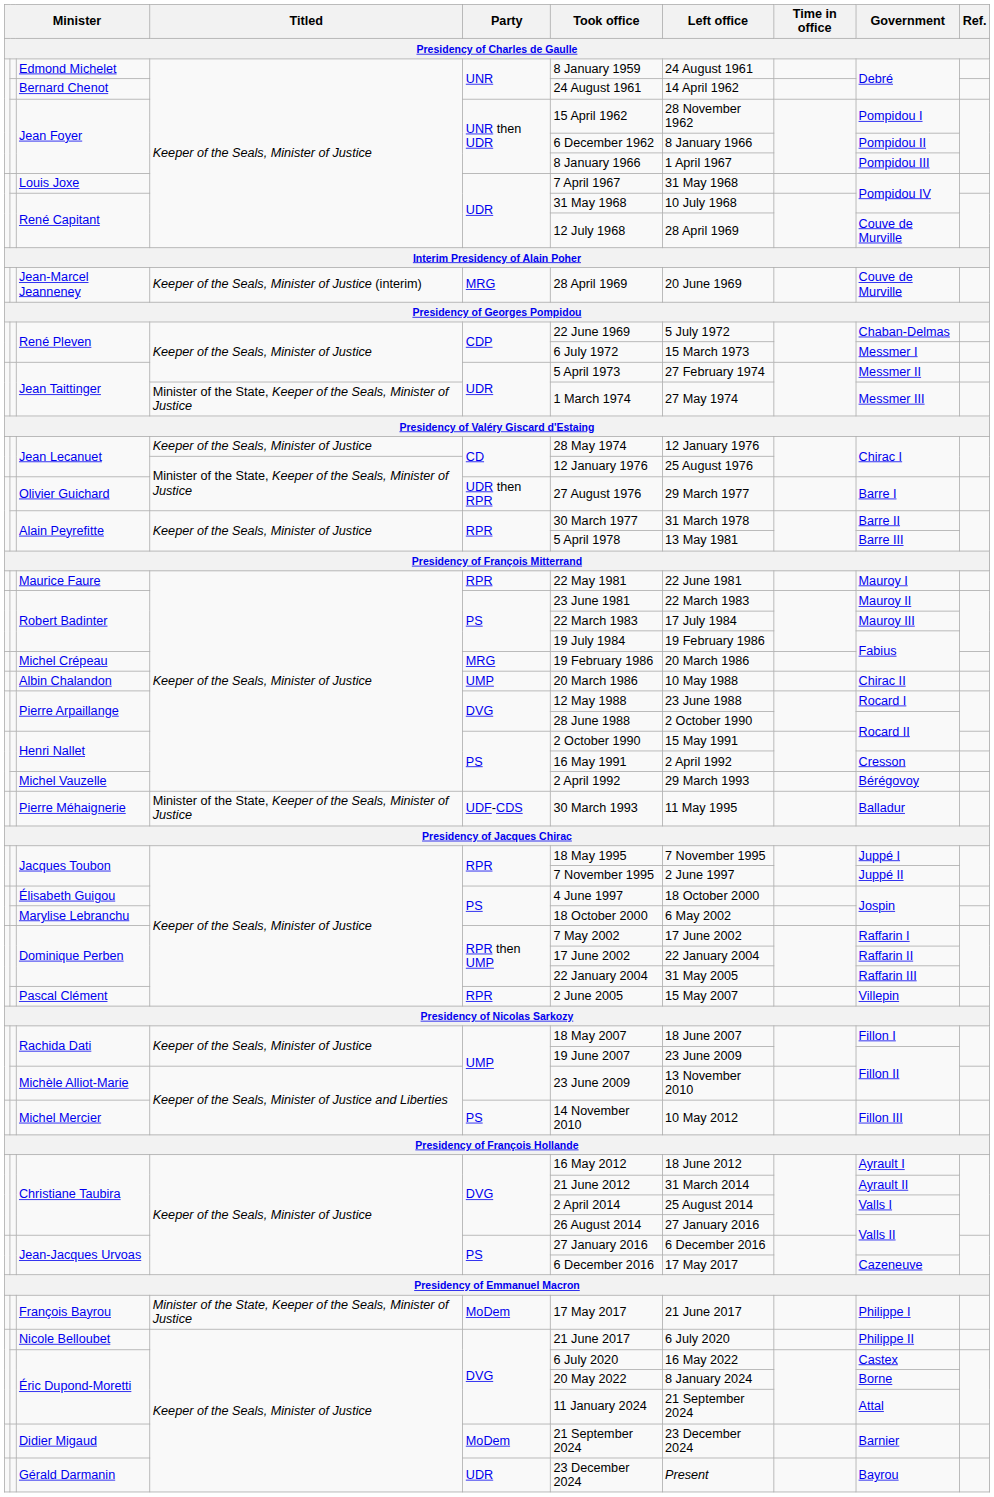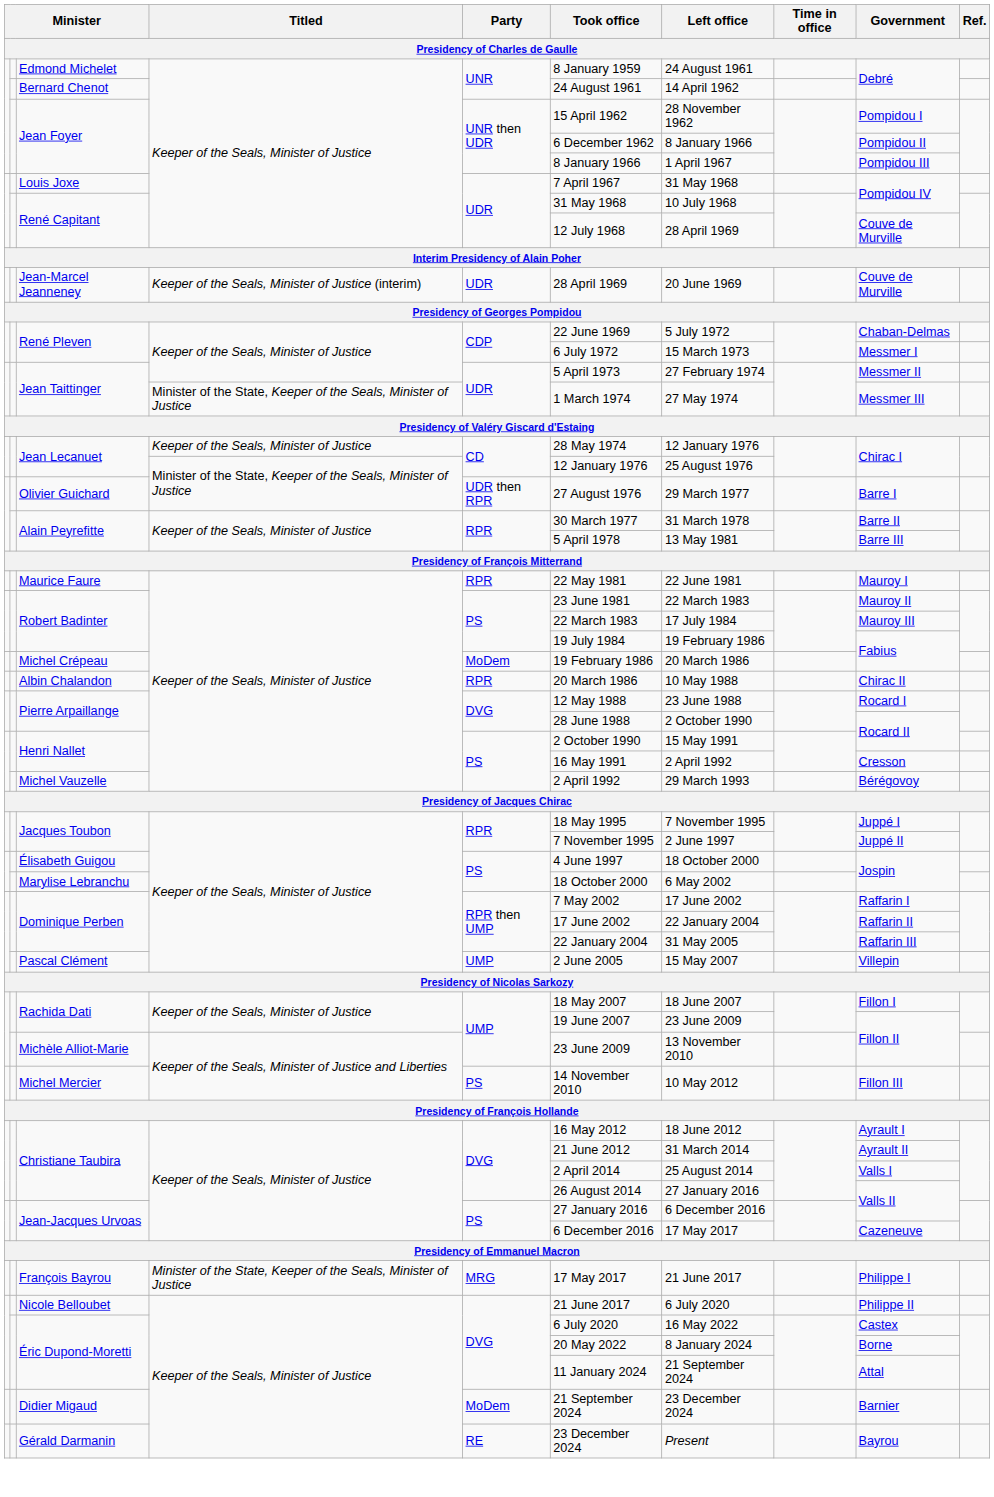 <table class="wikitable">
 <tr>
 <th colspan="3">Minister</th>
 <th>Titled</th>
 <th>Party</th>
 <th>Took office</th>
 <th>Left office</th>
 <th>Time in office</th>
 <th>Government</th>
 <th>Ref.</th>
 </tr>
 <tr>
 <th colspan="10"><a href='#'><small>Presidency of Charles de Gaulle</small></a></th>
 </tr>
 <tr>
 <td rowspan="5" style="background:"></td>
 <td></td>
 <td><a href='#'>Edmond Michelet</a></td>
 <td rowspan="8"><em>Keeper of the Seals, Minister of Justice</em></td>
 <td rowspan="2"><a href='#'>UNR</a></td>
 <td>8 January 1959</td>
 <td>24 August 1961</td>
 <td></td>
 <td rowspan="2"><a href='#'>Debré</a></td>
 <td></td>
 </tr>
 <tr>
 <td></td>
 <td><a href='#'>Bernard Chenot</a></td>
 <td>24 August 1961</td>
 <td>14 April 1962</td>
 <td></td>
 <td></td>
 </tr>
 <tr>
 <td rowspan="3"></td>
 <td rowspan="3"><a href='#'>Jean Foyer</a></td>
 <td rowspan="3"><a href='#'>UNR</a> then <a href='#'>UDR</a></td>
 <td>15 April 1962</td>
 <td>28 November 1962</td>
 <td rowspan="3"></td>
 <td><a href='#'>Pompidou I</a></td>
 <td rowspan="3"></td>
 </tr>
 <tr>
 <td>6 December 1962</td>
 <td>8 January 1966</td>
 <td><a href='#'>Pompidou II</a></td>
 </tr>
 <tr>
 <td>8 January 1966</td>
 <td>1 April 1967</td>
 <td><a href='#'>Pompidou III</a></td>
 </tr>
 <tr>
 <td rowspan="3" style="background:"></td>
 <td></td>
 <td><a href='#'>Louis Joxe</a></td>
 <td rowspan="3"><a href='#'>UDR</a></td>
 <td>7 April 1967</td>
 <td>31 May 1968</td>
 <td></td>
 <td rowspan="2"><a href='#'>Pompidou IV</a></td>
 <td></td>
 </tr>
 <tr>
 <td rowspan="2"></td>
 <td rowspan="2"><a href='#'>René Capitant</a></td>
 <td>31 May 1968</td>
 <td>10 July 1968</td>
 <td rowspan="2"></td>
 <td rowspan="2"></td>
 </tr>
 <tr>
 <td>12 July 1968</td>
 <td>28 April 1969</td>
 <td><a href='#'>Couve de Murville</a></td>
 </tr>
 <tr>
 <th colspan="10"><a href='#'><small>Interim Presidency of Alain Poher</small></a></th>
 </tr>
 <tr>
 <td style="background:"></td>
 <td></td>
 <td><a href='#'>Jean-Marcel Jeanneney</a></td>
 <td><em>Keeper of the Seals, Minister of Justice</em> (interim)</td>
-<td><a href='#'>MRG</a></td>
+<td><a href='#'>UDR</a></td>
 <td>28 April 1969</td>
 <td>20 June 1969</td>
 <td></td>
 <td><a href='#'>Couve de Murville</a></td>
 <td></td>
 </tr>
 <tr>
 <th colspan="10"><a href='#'><small>Presidency of Georges Pompidou</small></a></th>
 </tr>
 <tr>
 <td rowspan="2" style="background:"></td>
 <td rowspan="2"></td>
 <td rowspan="2"><a href='#'>René Pleven</a></td>
 <td rowspan="3"><em>Keeper of the Seals, Minister of Justice</em></td>
 <td rowspan="2"><a href='#'>CDP</a></td>
 <td>22 June 1969</td>
 <td>5 July 1972</td>
 <td rowspan="2"></td>
 <td><a href='#'>Chaban-Delmas</a></td>
 <td></td>
 </tr>
 <tr>
 <td>6 July 1972</td>
 <td>15 March 1973</td>
 <td><a href='#'>Messmer I</a></td>
 <td></td>
 </tr>
 <tr>
 <td rowspan="2" style="background:"></td>
 <td rowspan="2"></td>
 <td rowspan="2"><a href='#'>Jean Taittinger</a></td>
 <td rowspan="2"><a href='#'>UDR</a></td>
 <td>5 April 1973</td>
 <td>27 February 1974</td>
 <td rowspan="2"></td>
 <td><a href='#'>Messmer II</a></td>
 <td></td>
 </tr>
 <tr>
 <td>Minister of the State, <em>Keeper of the Seals, Minister of Justice</em></td>
 <td>1 March 1974</td>
 <td>27 May 1974</td>
 <td><a href='#'>Messmer III</a></td>
 <td></td>
 </tr>
 <tr>
 <th colspan="10"><a href='#'><small>Presidency of Valéry Giscard d'Estaing</small></a></th>
 </tr>
 <tr>
 <td rowspan="2" style="background:"></td>
 <td rowspan="2"></td>
 <td rowspan="2"><a href='#'>Jean Lecanuet</a></td>
 <td><em>Keeper of the Seals, Minister of Justice</em></td>
 <td rowspan="2"><a href='#'>CD</a></td>
 <td>28 May 1974</td>
 <td>12 January 1976</td>
 <td rowspan="2"></td>
 <td rowspan="2"><a href='#'>Chirac I</a></td>
 <td rowspan="2"></td>
 </tr>
 <tr>
 <td rowspan="2">Minister of the State, <em>Keeper of the Seals, Minister of Justice</em></td>
 <td>12 January 1976</td>
 <td>25 August 1976</td>
 </tr>
 <tr>
 <td rowspan="3" style="background:"></td>
 <td></td>
 <td><a href='#'>Olivier Guichard</a></td>
 <td><a href='#'>UDR</a> then <a href='#'>RPR</a></td>
 <td>27 August 1976</td>
 <td>29 March 1977</td>
 <td></td>
 <td><a href='#'>Barre I</a></td>
 <td></td>
 </tr>
 <tr>
 <td rowspan="2"></td>
 <td rowspan="2"><a href='#'>Alain Peyrefitte</a></td>
 <td rowspan="2"><em>Keeper of the Seals, Minister of Justice</em></td>
 <td rowspan="2"><a href='#'>RPR</a></td>
 <td>30 March 1977</td>
 <td>31 March 1978</td>
 <td rowspan="2"></td>
 <td><a href='#'>Barre II</a></td>
 <td rowspan="2"></td>
 </tr>
 <tr>
 <td>5 April 1978</td>
 <td>13 May 1981</td>
 <td><a href='#'>Barre III</a></td>
 </tr>
 <tr>
 <th colspan="10"><a href='#'><small>Presidency of François Mitterrand</small></a></th>
 </tr>
 <tr>
 <td style="background:"></td>
 <td></td>
 <td><a href='#'>Maurice Faure</a></td>
 <td rowspan="11"><em>Keeper of the Seals, Minister of Justice</em></td>
 <td><a href='#'>RPR</a></td>
 <td>22 May 1981</td>
 <td>22 June 1981</td>
 <td></td>
 <td><a href='#'>Mauroy I</a></td>
 <td></td>
 </tr>
 <tr>
 <td rowspan="3" style="background:"></td>
 <td rowspan="3"></td>
 <td rowspan="3"><a href='#'>Robert Badinter</a></td>
 <td rowspan="3"><a href='#'>PS</a></td>
 <td>23 June 1981</td>
 <td>22 March 1983</td>
 <td rowspan="3"></td>
 <td><a href='#'>Mauroy II</a></td>
 <td rowspan="3"></td>
 </tr>
 <tr>
 <td>22 March 1983</td>
 <td>17 July 1984</td>
 <td><a href='#'>Mauroy III</a></td>
 </tr>
 <tr>
 <td>19 July 1984</td>
 <td>19 February 1986</td>
 <td rowspan="2"><a href='#'>Fabius</a></td>
 </tr>
 <tr>
 <td style="background:"></td>
 <td></td>
 <td><a href='#'>Michel Crépeau</a></td>
-<td><a href='#'>MRG</a></td>
+<td><a href='#'>MoDem</a></td>
 <td>19 February 1986</td>
 <td>20 March 1986</td>
 <td></td>
 <td></td>
 </tr>
 <tr>
 <td style="background:"></td>
 <td></td>
 <td><a href='#'>Albin Chalandon</a></td>
-<td><a href='#'>UMP</a></td>
+<td><a href='#'>RPR</a></td>
 <td>20 March 1986</td>
 <td>10 May 1988</td>
 <td></td>
 <td><a href='#'>Chirac II</a></td>
 <td></td>
 </tr>
 <tr>
 <td rowspan="2" style="background:"></td>
 <td rowspan="2"></td>
 <td rowspan="2"><a href='#'>Pierre Arpaillange</a></td>
 <td rowspan="2"><a href='#'>DVG</a></td>
 <td>12 May 1988</td>
 <td>23 June 1988</td>
 <td rowspan="2"></td>
 <td><a href='#'>Rocard I</a></td>
 <td rowspan="2"></td>
 </tr>
 <tr>
 <td>28 June 1988</td>
 <td>2 October 1990</td>
 <td rowspan="2"><a href='#'>Rocard II</a></td>
 </tr>
 <tr>
 <td rowspan="3" style="background:"></td>
 <td rowspan="2"></td>
 <td rowspan="2"><a href='#'>Henri Nallet</a></td>
 <td rowspan="3"><a href='#'>PS</a></td>
 <td>2 October 1990</td>
 <td>15 May 1991</td>
 <td rowspan="2"></td>
 <td></td>
 </tr>
 <tr>
 <td>16 May 1991</td>
 <td>2 April 1992</td>
 <td><a href='#'>Cresson</a></td>
 <td></td>
 </tr>
 <tr>
 <td></td>
 <td><a href='#'>Michel Vauzelle</a></td>
 <td>2 April 1992</td>
 <td>29 March 1993</td>
 <td></td>
 <td><a href='#'>Bérégovoy</a></td>
-<td></td>
-</tr>
-<tr>
-<td style="background:"></td>
-<td></td>
-<td><a href='#'>Pierre Méhaignerie</a></td>
-<td>Minister of the State, <em>Keeper of the Seals, Minister of Justice</em></td>
-<td><a href='#'>UDF</a>-<a href='#'>CDS</a></td>
-<td>30 March 1993</td>
-<td>11 May 1995</td>
-<td></td>
-<td><a href='#'>Balladur</a></td>
 <td></td>
 </tr>
 <tr>
 <th colspan="10"><a href='#'><small>Presidency of Jacques Chirac</small></a></th>
 </tr>
 <tr>
 <td rowspan="2" style="background:"></td>
 <td rowspan="2"></td>
 <td rowspan="2"><a href='#'>Jacques Toubon</a></td>
 <td rowspan="8"><em>Keeper of the Seals, Minister of Justice</em></td>
 <td rowspan="2"><a href='#'>RPR</a></td>
 <td>18 May 1995</td>
 <td>7 November 1995</td>
 <td rowspan="2"></td>
 <td><a href='#'>Juppé I</a></td>
 <td rowspan="2"></td>
 </tr>
 <tr>
 <td>7 November 1995</td>
 <td>2 June 1997</td>
 <td><a href='#'>Juppé II</a></td>
 </tr>
 <tr>
 <td rowspan="2" style="background:"></td>
 <td></td>
 <td><a href='#'>Élisabeth Guigou</a></td>
 <td rowspan="2"><a href='#'>PS</a></td>
 <td>4 June 1997</td>
 <td>18 October 2000</td>
 <td></td>
 <td rowspan="2"><a href='#'>Jospin</a></td>
 <td></td>
 </tr>
 <tr>
 <td></td>
 <td><a href='#'>Marylise Lebranchu</a></td>
 <td>18 October 2000</td>
 <td>6 May 2002</td>
 <td></td>
 <td></td>
 </tr>
 <tr>
 <td rowspan="4" style="background:"></td>
 <td rowspan="3"></td>
 <td rowspan="3"><a href='#'>Dominique Perben</a></td>
 <td rowspan="3"><a href='#'>RPR</a> then <a href='#'>UMP</a></td>
 <td>7 May 2002</td>
 <td>17 June 2002</td>
 <td rowspan="3"></td>
 <td><a href='#'>Raffarin I</a></td>
 <td rowspan="3"></td>
 </tr>
 <tr>
 <td>17 June 2002</td>
 <td>22 January 2004</td>
 <td><a href='#'>Raffarin II</a></td>
 </tr>
 <tr>
 <td>22 January 2004</td>
 <td>31 May 2005</td>
 <td><a href='#'>Raffarin III</a></td>
 </tr>
 <tr>
 <td></td>
 <td><a href='#'>Pascal Clément</a></td>
-<td><a href='#'>RPR</a></td>
+<td><a href='#'>UMP</a></td>
 <td>2 June 2005</td>
 <td>15 May 2007</td>
 <td></td>
 <td><a href='#'>Villepin</a></td>
 <td></td>
 </tr>
 <tr>
 <th colspan="10"><a href='#'><small>Presidency of Nicolas Sarkozy</small></a></th>
 </tr>
 <tr>
 <td rowspan="3" style="background:"></td>
 <td rowspan="2"></td>
 <td rowspan="2"><a href='#'>Rachida Dati</a></td>
 <td rowspan="2"><em>Keeper of the Seals, Minister of Justice</em></td>
 <td rowspan="3"><a href='#'>UMP</a></td>
 <td>18 May 2007</td>
 <td>18 June 2007</td>
 <td rowspan="2"></td>
 <td><a href='#'>Fillon I</a></td>
 <td rowspan="2"></td>
 </tr>
 <tr>
 <td>19 June 2007</td>
 <td>23 June 2009</td>
 <td rowspan="2"><a href='#'>Fillon II</a></td>
 </tr>
 <tr>
 <td></td>
 <td><a href='#'>Michèle Alliot-Marie</a></td>
 <td rowspan="2"><em>Keeper of the Seals, Minister of Justice and Liberties</em></td>
 <td>23 June 2009</td>
 <td>13 November 2010</td>
 <td></td>
 <td></td>
 </tr>
 <tr>
 <td style="background:"></td>
 <td></td>
 <td><a href='#'>Michel Mercier</a></td>
 <td><a href='#'>PS</a></td>
 <td>14 November 2010</td>
 <td>10 May 2012</td>
 <td></td>
 <td><a href='#'>Fillon III</a></td>
 <td></td>
 </tr>
 <tr>
 <th colspan="10"><a href='#'><small>Presidency of François Hollande</small></a></th>
 </tr>
 <tr>
 <td rowspan="4" style="background:"></td>
 <td rowspan="4"></td>
 <td rowspan="4"><a href='#'>Christiane Taubira</a></td>
 <td rowspan="6"><em>Keeper of the Seals, Minister of Justice</em></td>
 <td rowspan="4"><a href='#'>DVG</a></td>
 <td>16 May 2012</td>
 <td>18 June 2012</td>
 <td rowspan="4"></td>
 <td><a href='#'>Ayrault I</a></td>
 <td rowspan="4"></td>
 </tr>
 <tr>
 <td>21 June 2012</td>
 <td>31 March 2014</td>
 <td><a href='#'>Ayrault II</a></td>
 </tr>
 <tr>
 <td>2 April 2014</td>
 <td>25 August 2014</td>
 <td><a href='#'>Valls I</a></td>
 </tr>
 <tr>
 <td>26 August 2014</td>
 <td>27 January 2016</td>
 <td rowspan="2"><a href='#'>Valls II</a></td>
 </tr>
 <tr>
 <td rowspan="2" style="background:"></td>
 <td rowspan="2"></td>
 <td rowspan="2"><a href='#'>Jean-Jacques Urvoas</a></td>
 <td rowspan="2"><a href='#'>PS</a></td>
 <td>27 January 2016</td>
 <td>6 December 2016</td>
 <td rowspan="2"></td>
 <td rowspan="2"></td>
 </tr>
 <tr>
 <td>6 December 2016</td>
 <td>17 May 2017</td>
 <td><a href='#'>Cazeneuve</a></td>
 </tr>
 <tr>
 <th colspan="10"><a href='#'><small>Presidency of Emmanuel Macron</small></a></th>
 </tr>
 <tr>
 <td style="background:"></td>
 <td></td>
 <td><a href='#'>François Bayrou</a></td>
 <td><em>Minister of the State, Keeper of the Seals, Minister of Justice</em></td>
-<td><a href='#'>MoDem</a></td>
+<td><a href='#'>MRG</a></td>
 <td>17 May 2017</td>
 <td>21 June 2017</td>
 <td></td>
 <td><a href='#'>Philippe I</a></td>
 <td></td>
 </tr>
 <tr>
 <td rowspan="4" style="background:"></td>
 <td></td>
 <td><a href='#'>Nicole Belloubet</a></td>
 <td rowspan="6"><em>Keeper of the Seals, Minister of Justice</em></td>
 <td rowspan="4"><a href='#'>DVG</a></td>
 <td>21 June 2017</td>
 <td>6 July 2020</td>
 <td></td>
 <td><a href='#'>Philippe II</a></td>
 <td></td>
 </tr>
 <tr>
 <td rowspan="3"></td>
 <td rowspan="3"><a href='#'>Éric Dupond-Moretti</a></td>
 <td>6 July 2020</td>
 <td>16 May 2022</td>
 <td rowspan="3"></td>
 <td><a href='#'>Castex</a></td>
 <td rowspan="3"></td>
 </tr>
 <tr>
 <td>20 May 2022</td>
 <td>8 January 2024</td>
 <td><a href='#'>Borne</a></td>
 </tr>
 <tr>
 <td>11 January 2024</td>
 <td>21 September 2024</td>
 <td><a href='#'>Attal</a></td>
 </tr>
 <tr>
 <td style="background:"></td>
 <td></td>
 <td><a href='#'>Didier Migaud</a></td>
 <td><a href='#'>MoDem</a></td>
 <td>21 September 2024</td>
 <td>23 December 2024</td>
 <td></td>
 <td><a href='#'>Barnier</a></td>
 <td></td>
 </tr>
 <tr>
 <td style="background:"></td>
 <td></td>
 <td><a href='#'>Gérald Darmanin</a></td>
-<td><a href='#'>UDR</a></td>
+<td><a href='#'>RE</a></td>
 <td>23 December 2024</td>
 <td><em>Present</em></td>
 <td></td>
 <td><a href='#'>Bayrou</a></td>
 <td></td>
 </tr>
 </table>
